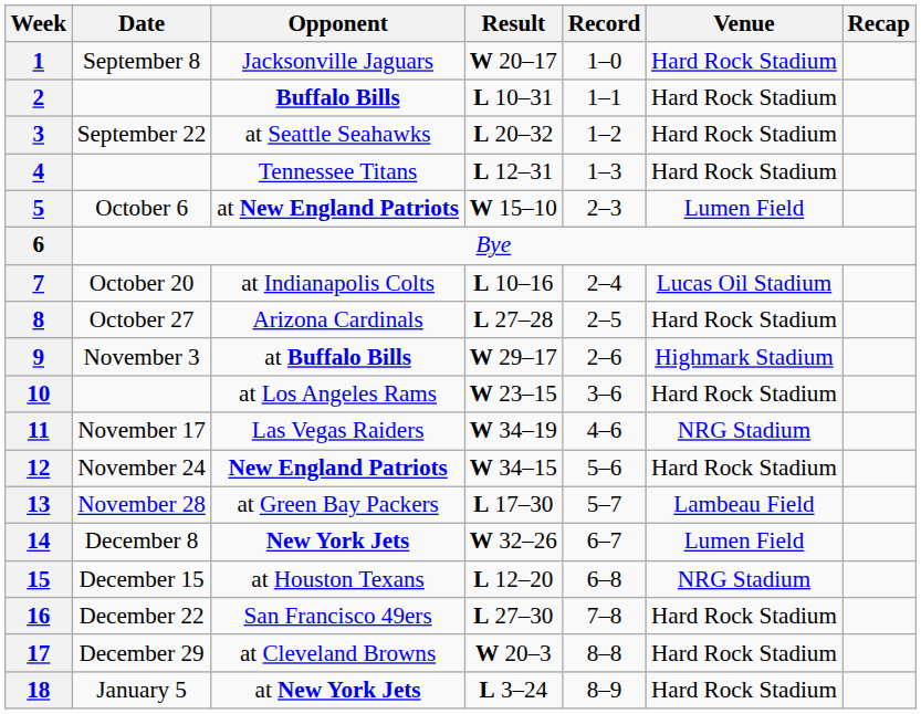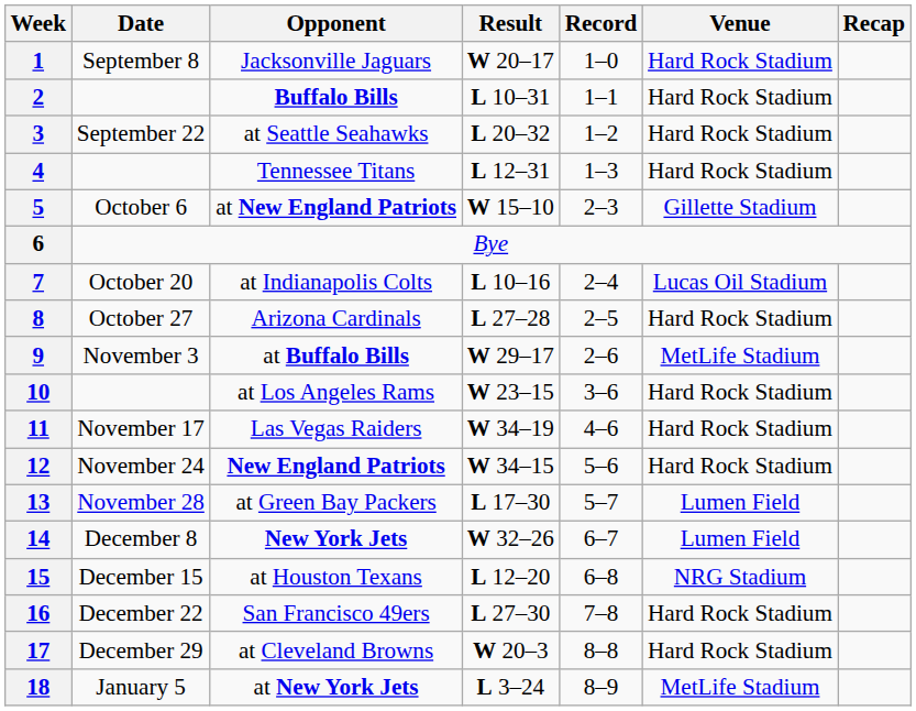 <table class="wikitable" style="text-align:center">
 <tr>
 <th>Week</th>
 <th>Date</th>
 <th>Opponent</th>
 <th>Result</th>
 <th>Record</th>
 <th>Venue</th>
 <th>Recap</th>
 </tr>
 <tr>
 <th><a href='#'>1</a></th>
 <td>September 8</td>
 <td><a href='#'>Jacksonville Jaguars</a></td>
 <td><strong>W</strong> 20–17</td>
 <td>1–0</td>
 <td><a href='#'>Hard Rock Stadium</a></td>
 <td></td>
 </tr>
 <tr>
 <th><a href='#'>2</a></th>
 <td></td>
 <td><strong><a href='#'>Buffalo Bills</a></strong></td>
 <td><strong>L</strong> 10–31</td>
 <td>1–1</td>
 <td>Hard Rock Stadium</td>
 <td></td>
 </tr>
 <tr>
 <th><a href='#'>3</a></th>
 <td>September 22</td>
 <td>at <a href='#'>Seattle Seahawks</a></td>
 <td><strong>L</strong> 20–32</td>
 <td>1–2</td>
 <td>Hard Rock Stadium</td>
 <td></td>
 </tr>
 <tr>
 <th><a href='#'>4</a></th>
 <td></td>
 <td><a href='#'>Tennessee Titans</a></td>
 <td><strong>L</strong> 12–31</td>
 <td>1–3</td>
 <td>Hard Rock Stadium</td>
 <td></td>
 </tr>
 <tr>
 <th><a href='#'>5</a></th>
 <td>October 6</td>
 <td>at <strong><a href='#'>New England Patriots</a></strong></td>
 <td><strong>W</strong> 15–10</td>
 <td>2–3</td>
-<td><a href='#'>Lumen Field</a></td>
+<td><a href='#'>Gillette Stadium</a></td>
 <td></td>
 </tr>
 <tr>
 <th>6</th>
 <td colspan="6"><em><a href='#'>Bye</a></em></td>
 </tr>
 <tr>
 <th><a href='#'>7</a></th>
 <td>October 20</td>
 <td>at <a href='#'>Indianapolis Colts</a></td>
 <td><strong>L</strong> 10–16</td>
 <td>2–4</td>
 <td><a href='#'>Lucas Oil Stadium</a></td>
 <td></td>
 </tr>
 <tr>
 <th><a href='#'>8</a></th>
 <td>October 27</td>
 <td><a href='#'>Arizona Cardinals</a></td>
 <td><strong>L</strong> 27–28</td>
 <td>2–5</td>
 <td>Hard Rock Stadium</td>
 <td></td>
 </tr>
 <tr>
 <th><a href='#'>9</a></th>
 <td>November 3</td>
 <td>at <strong><a href='#'>Buffalo Bills</a></strong></td>
 <td><strong>W</strong> 29–17</td>
 <td>2–6</td>
-<td><a href='#'>Highmark Stadium</a></td>
+<td><a href='#'>MetLife Stadium</a></td>
 <td></td>
 </tr>
 <tr>
 <th><a href='#'>10</a></th>
 <td></td>
 <td>at <a href='#'>Los Angeles Rams</a></td>
 <td><strong>W</strong> 23–15</td>
 <td>3–6</td>
 <td>Hard Rock Stadium</td>
 <td></td>
 </tr>
 <tr>
 <th><a href='#'>11</a></th>
 <td>November 17</td>
 <td><a href='#'>Las Vegas Raiders</a></td>
 <td><strong>W</strong> 34–19</td>
 <td>4–6</td>
-<td><a href='#'>NRG Stadium</a></td>
+<td>Hard Rock Stadium</td>
 <td></td>
 </tr>
 <tr>
 <th><a href='#'>12</a></th>
 <td>November 24</td>
 <td><strong><a href='#'>New England Patriots</a></strong></td>
 <td><strong>W</strong> 34–15</td>
 <td>5–6</td>
 <td>Hard Rock Stadium</td>
 <td></td>
 </tr>
 <tr>
 <th><a href='#'>13</a></th>
 <td><a href='#'>November 28</a></td>
 <td>at <a href='#'>Green Bay Packers</a></td>
 <td><strong>L</strong> 17–30</td>
 <td>5–7</td>
-<td><a href='#'>Lambeau Field</a></td>
+<td><a href='#'>Lumen Field</a></td>
 <td></td>
 </tr>
 <tr>
 <th><a href='#'>14</a></th>
 <td>December 8</td>
 <td><strong><a href='#'>New York Jets</a></strong></td>
 <td><strong>W</strong> 32–26 </td>
 <td>6–7</td>
 <td><a href='#'>Lumen Field</a></td>
 <td></td>
 </tr>
 <tr>
 <th><a href='#'>15</a></th>
 <td>December 15</td>
 <td>at <a href='#'>Houston Texans</a></td>
 <td><strong>L</strong> 12–20</td>
 <td>6–8</td>
 <td><a href='#'>NRG Stadium</a></td>
 <td></td>
 </tr>
 <tr>
 <th><a href='#'>16</a></th>
 <td>December 22</td>
 <td><a href='#'>San Francisco 49ers</a></td>
 <td><strong>L</strong> 27–30</td>
 <td>7–8</td>
 <td>Hard Rock Stadium</td>
 <td></td>
 </tr>
 <tr>
 <th><a href='#'>17</a></th>
 <td>December 29</td>
 <td>at <a href='#'>Cleveland Browns</a></td>
 <td><strong>W</strong> 20–3</td>
 <td>8–8</td>
 <td>Hard Rock Stadium</td>
 <td></td>
 </tr>
 <tr>
 <th><a href='#'>18</a></th>
 <td>January 5</td>
 <td>at <strong><a href='#'>New York Jets</a></strong></td>
 <td><strong>L</strong> 3–24</td>
 <td>8–9</td>
-<td>Hard Rock Stadium</td>
+<td><a href='#'>MetLife Stadium</a></td>
 <td></td>
 </tr>
 </table>
